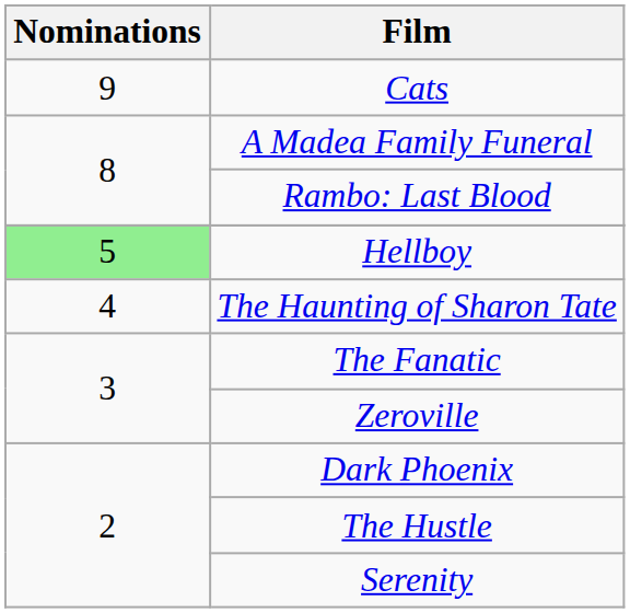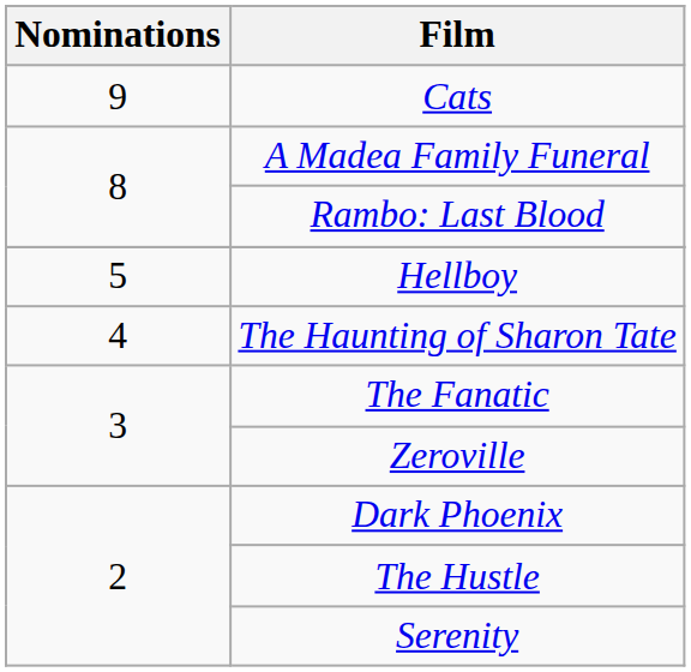 <table class="wikitable sortable" rowspan=2 style="text-align: center;">
 <tr>
 <th scope="col">Nominations</th>
 <th scope="col" align="center">Film</th>
 </tr>
 <tr>
 <td>9</td>
 <td><em><a href='#'>Cats</a></em></td>
 </tr>
 <tr>
 <td rowspan="2">8</td>
 <td><em><a href='#'>A Madea Family Funeral</a></em></td>
 </tr>
 <tr>
 <td><em><a href='#'>Rambo: Last Blood</a></em></td>
 </tr>
 <tr>
 </tr>
 <tr>
-<td style="background: lightgreen;">5</td>
+<td>5</td>
 <td><em><a href='#'>Hellboy</a></em></td>
 </tr>
 <tr>
 <td>4</td>
 <td><em><a href='#'>The Haunting of Sharon Tate</a></em></td>
 </tr>
 <tr>
 <td rowspan="2">3</td>
 <td><em><a href='#'>The Fanatic</a></em></td>
 </tr>
 <tr>
 <td><em><a href='#'>Zeroville</a></em></td>
 </tr>
 <tr>
 <td rowspan="3">2</td>
 <td><em><a href='#'>Dark Phoenix</a></em></td>
 </tr>
 <tr>
 <td><em><a href='#'>The Hustle</a></em></td>
 </tr>
 <tr>
 <td><em><a href='#'>Serenity</a></em></td>
 </tr>
 </table>
